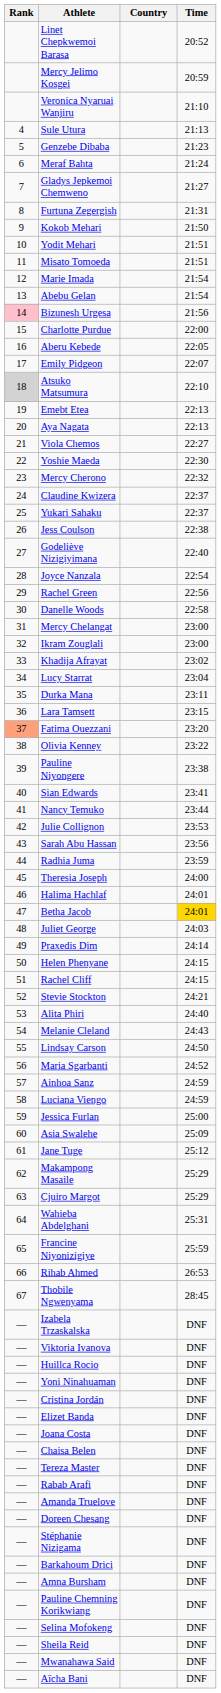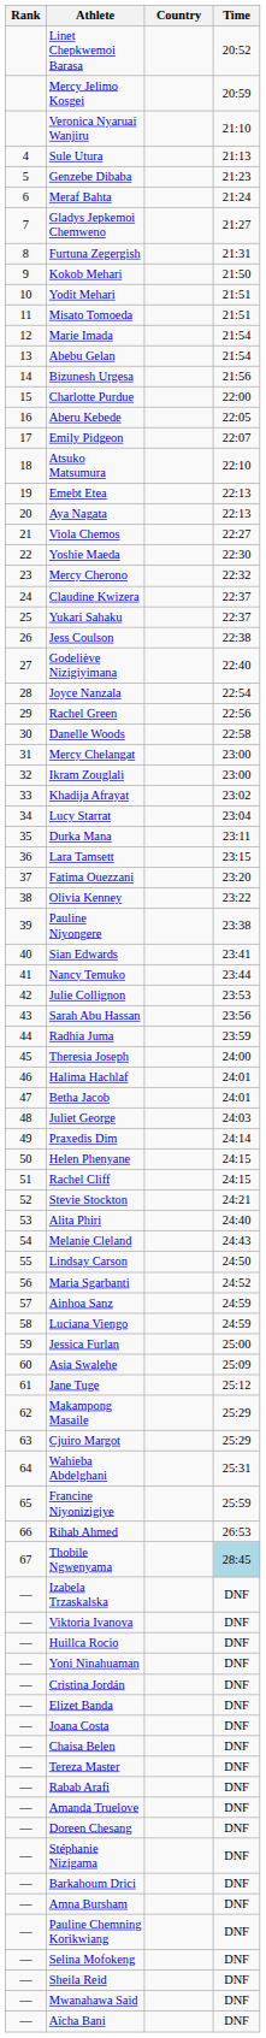 <table class="wikitable sortable" style=" text-align:center; font-size:95%;" width="50%">
 <tr>
 <th width=5%>Rank</th>
 <th width=20%>Athlete</th>
 <th width=15%>Country</th>
 <th width=10%>Time</th>
 </tr>
 <tr>
 <td align=center></td>
 <td align=left><a href='#'>Linet Chepkwemoi Barasa</a></td>
 <td align=left></td>
 <td>20:52</td>
 </tr>
 <tr>
 <td align=center></td>
 <td align=left><a href='#'>Mercy Jelimo Kosgei</a></td>
 <td align=left></td>
 <td>20:59</td>
 </tr>
 <tr>
 <td align=center></td>
 <td align=left><a href='#'>Veronica Nyaruai Wanjiru</a></td>
 <td align=left></td>
 <td>21:10</td>
 </tr>
 <tr>
 <td align=center>4</td>
 <td align=left><a href='#'>Sule Utura</a></td>
 <td align=left></td>
 <td>21:13</td>
 </tr>
 <tr>
 <td align=center>5</td>
 <td align=left><a href='#'>Genzebe Dibaba</a></td>
 <td align=left></td>
 <td>21:23</td>
 </tr>
 <tr>
 <td align=center>6</td>
 <td align=left><a href='#'>Meraf Bahta</a></td>
 <td align=left></td>
 <td>21:24</td>
 </tr>
 <tr>
 <td align=center>7</td>
 <td align=left><a href='#'>Gladys Jepkemoi Chemweno</a></td>
 <td align=left></td>
 <td>21:27</td>
 </tr>
 <tr>
 <td align=center>8</td>
 <td align=left><a href='#'>Furtuna Zegergish</a></td>
 <td align=left></td>
 <td>21:31</td>
 </tr>
 <tr>
 <td align=center>9</td>
 <td align=left><a href='#'>Kokob Mehari</a></td>
 <td align=left></td>
 <td>21:50</td>
 </tr>
 <tr>
 <td align=center>10</td>
 <td align=left><a href='#'>Yodit Mehari</a></td>
 <td align=left></td>
 <td>21:51</td>
 </tr>
 <tr>
 <td align=center>11</td>
 <td align=left><a href='#'>Misato Tomoeda</a></td>
 <td align=left></td>
 <td>21:51</td>
 </tr>
 <tr>
 <td align=center>12</td>
 <td align=left><a href='#'>Marie Imada</a></td>
 <td align=left></td>
 <td>21:54</td>
 </tr>
 <tr>
 <td align=center>13</td>
 <td align=left><a href='#'>Abebu Gelan</a></td>
 <td align=left></td>
 <td>21:54</td>
 </tr>
 <tr>
-<td align=center style="background: pink;">14</td>
+<td align=center>14</td>
 <td align=left><a href='#'>Bizunesh Urgesa</a></td>
 <td align=left></td>
 <td>21:56</td>
 </tr>
 <tr>
 <td align=center>15</td>
 <td align=left><a href='#'>Charlotte Purdue</a></td>
 <td align=left></td>
 <td>22:00</td>
 </tr>
 <tr>
 <td align=center>16</td>
 <td align=left><a href='#'>Aberu Kebede</a></td>
 <td align=left></td>
 <td>22:05</td>
 </tr>
 <tr>
 <td align=center>17</td>
 <td align=left><a href='#'>Emily Pidgeon</a></td>
 <td align=left></td>
 <td>22:07</td>
 </tr>
 <tr>
-<td align=center style="background: lightgrey;">18</td>
+<td align=center>18</td>
 <td align=left><a href='#'>Atsuko Matsumura</a></td>
 <td align=left></td>
 <td>22:10</td>
 </tr>
 <tr>
 <td align=center>19</td>
 <td align=left><a href='#'>Emebt Etea</a></td>
 <td align=left></td>
 <td>22:13</td>
 </tr>
 <tr>
 <td align=center>20</td>
 <td align=left><a href='#'>Aya Nagata</a></td>
 <td align=left></td>
 <td>22:13</td>
 </tr>
 <tr>
 <td align=center>21</td>
 <td align=left><a href='#'>Viola Chemos</a></td>
 <td align=left></td>
 <td>22:27</td>
 </tr>
 <tr>
 <td align=center>22</td>
 <td align=left><a href='#'>Yoshie Maeda</a></td>
 <td align=left></td>
 <td>22:30</td>
 </tr>
 <tr>
 <td align=center>23</td>
 <td align=left><a href='#'>Mercy Cherono</a></td>
 <td align=left></td>
 <td>22:32</td>
 </tr>
 <tr>
 <td align=center>24</td>
 <td align=left><a href='#'>Claudine Kwizera</a></td>
 <td align=left></td>
 <td>22:37</td>
 </tr>
 <tr>
 <td align=center>25</td>
 <td align=left><a href='#'>Yukari Sahaku</a></td>
 <td align=left></td>
 <td>22:37</td>
 </tr>
 <tr>
 <td align=center>26</td>
 <td align=left><a href='#'>Jess Coulson</a></td>
 <td align=left></td>
 <td>22:38</td>
 </tr>
 <tr>
 <td align=center>27</td>
 <td align=left><a href='#'>Godeliève Nizigiyimana</a></td>
 <td align=left></td>
 <td>22:40</td>
 </tr>
 <tr>
 <td align=center>28</td>
 <td align=left><a href='#'>Joyce Nanzala</a></td>
 <td align=left></td>
 <td>22:54</td>
 </tr>
 <tr>
 <td align=center>29</td>
 <td align=left><a href='#'>Rachel Green</a></td>
 <td align=left></td>
 <td>22:56</td>
 </tr>
 <tr>
 <td align=center>30</td>
 <td align=left><a href='#'>Danelle Woods</a></td>
 <td align=left></td>
 <td>22:58</td>
 </tr>
 <tr>
 <td align=center>31</td>
 <td align=left><a href='#'>Mercy Chelangat</a></td>
 <td align=left></td>
 <td>23:00</td>
 </tr>
 <tr>
 <td align=center>32</td>
 <td align=left><a href='#'>Ikram Zouglali</a></td>
 <td align=left></td>
 <td>23:00</td>
 </tr>
 <tr>
 <td align=center>33</td>
 <td align=left><a href='#'>Khadija Afrayat</a></td>
 <td align=left></td>
 <td>23:02</td>
 </tr>
 <tr>
 <td align=center>34</td>
 <td align=left><a href='#'>Lucy Starrat</a></td>
 <td align=left></td>
 <td>23:04</td>
 </tr>
 <tr>
 <td align=center>35</td>
 <td align=left><a href='#'>Durka Mana</a></td>
 <td align=left></td>
 <td>23:11</td>
 </tr>
 <tr>
 <td align=center>36</td>
 <td align=left><a href='#'>Lara Tamsett</a></td>
 <td align=left></td>
 <td>23:15</td>
 </tr>
 <tr>
-<td align=center style="background: lightsalmon;">37</td>
+<td align=center>37</td>
 <td align=left><a href='#'>Fatima Ouezzani</a></td>
 <td align=left></td>
 <td>23:20</td>
 </tr>
 <tr>
 <td align=center>38</td>
 <td align=left><a href='#'>Olivia Kenney</a></td>
 <td align=left></td>
 <td>23:22</td>
 </tr>
 <tr>
 <td align=center>39</td>
 <td align=left><a href='#'>Pauline Niyongere</a></td>
 <td align=left></td>
 <td>23:38</td>
 </tr>
 <tr>
 <td align=center>40</td>
 <td align=left><a href='#'>Sian Edwards</a></td>
 <td align=left></td>
 <td>23:41</td>
 </tr>
 <tr>
 <td align=center>41</td>
 <td align=left><a href='#'>Nancy Temuko</a></td>
 <td align=left></td>
 <td>23:44</td>
 </tr>
 <tr>
 <td align=center>42</td>
 <td align=left><a href='#'>Julie Collignon</a></td>
 <td align=left></td>
 <td>23:53</td>
 </tr>
 <tr>
 <td align=center>43</td>
 <td align=left><a href='#'>Sarah Abu Hassan</a></td>
 <td align=left></td>
 <td>23:56</td>
 </tr>
 <tr>
 <td align=center>44</td>
 <td align=left><a href='#'>Radhia Juma</a></td>
 <td align=left></td>
 <td>23:59</td>
 </tr>
 <tr>
 <td align=center>45</td>
 <td align=left><a href='#'>Theresia Joseph</a></td>
 <td align=left></td>
 <td>24:00</td>
 </tr>
 <tr>
 <td align=center>46</td>
 <td align=left><a href='#'>Halima Hachlaf</a></td>
 <td align=left></td>
 <td>24:01</td>
 </tr>
 <tr>
 <td align=center>47</td>
 <td align=left><a href='#'>Betha Jacob</a></td>
 <td align=left></td>
-<td style="background: gold;">24:01</td>
+<td>24:01</td>
 </tr>
 <tr>
 <td align=center>48</td>
 <td align=left><a href='#'>Juliet George</a></td>
 <td align=left></td>
 <td>24:03</td>
 </tr>
 <tr>
 <td align=center>49</td>
 <td align=left><a href='#'>Praxedis Dim</a></td>
 <td align=left></td>
 <td>24:14</td>
 </tr>
 <tr>
 <td align=center>50</td>
 <td align=left><a href='#'>Helen Phenyane</a></td>
 <td align=left></td>
 <td>24:15</td>
 </tr>
 <tr>
 <td align=center>51</td>
 <td align=left><a href='#'>Rachel Cliff</a></td>
 <td align=left></td>
 <td>24:15</td>
 </tr>
 <tr>
 <td align=center>52</td>
 <td align=left><a href='#'>Stevie Stockton</a></td>
 <td align=left></td>
 <td>24:21</td>
 </tr>
 <tr>
 <td align=center>53</td>
 <td align=left><a href='#'>Alita Phiri</a></td>
 <td align=left></td>
 <td>24:40</td>
 </tr>
 <tr>
 <td align=center>54</td>
 <td align=left><a href='#'>Melanie Cleland</a></td>
 <td align=left></td>
 <td>24:43</td>
 </tr>
 <tr>
 <td align=center>55</td>
 <td align=left><a href='#'>Lindsay Carson</a></td>
 <td align=left></td>
 <td>24:50</td>
 </tr>
 <tr>
 <td align=center>56</td>
 <td align=left><a href='#'>Maria Sgarbanti</a></td>
 <td align=left></td>
 <td>24:52</td>
 </tr>
 <tr>
 <td align=center>57</td>
 <td align=left><a href='#'>Ainhoa Sanz</a></td>
 <td align=left></td>
 <td>24:59</td>
 </tr>
 <tr>
 <td align=center>58</td>
 <td align=left><a href='#'>Luciana Viengo</a></td>
 <td align=left></td>
 <td>24:59</td>
 </tr>
 <tr>
 <td align=center>59</td>
 <td align=left><a href='#'>Jessica Furlan</a></td>
 <td align=left></td>
 <td>25:00</td>
 </tr>
 <tr>
 <td align=center>60</td>
 <td align=left><a href='#'>Asia Swalehe</a></td>
 <td align=left></td>
 <td>25:09</td>
 </tr>
 <tr>
 <td align=center>61</td>
 <td align=left><a href='#'>Jane Tuge</a></td>
 <td align=left></td>
 <td>25:12</td>
 </tr>
 <tr>
 <td align=center>62</td>
 <td align=left><a href='#'>Makampong Masaile</a></td>
 <td align=left></td>
 <td>25:29</td>
 </tr>
 <tr>
 <td align=center>63</td>
 <td align=left><a href='#'>Cjuiro Margot</a></td>
 <td align=left></td>
 <td>25:29</td>
 </tr>
 <tr>
 <td align=center>64</td>
 <td align=left><a href='#'>Wahieba Abdelghani</a></td>
 <td align=left></td>
 <td>25:31</td>
 </tr>
 <tr>
 <td align=center>65</td>
 <td align=left><a href='#'>Francine Niyonizigiye</a></td>
 <td align=left></td>
 <td>25:59</td>
 </tr>
 <tr>
 <td align=center>66</td>
 <td align=left><a href='#'>Rihab Ahmed</a></td>
 <td align=left></td>
 <td>26:53</td>
 </tr>
 <tr>
 <td align=center>67</td>
 <td align=left><a href='#'>Thobile Ngwenyama</a></td>
 <td align=left></td>
-<td>28:45</td>
+<td style="background: lightblue;">28:45</td>
 </tr>
 <tr>
 <td align=center>—</td>
 <td align=left><a href='#'>Izabela Trzaskalska</a></td>
 <td align=left></td>
 <td>DNF</td>
 </tr>
 <tr>
 <td align=center>—</td>
 <td align=left><a href='#'>Viktoria Ivanova</a></td>
 <td align=left></td>
 <td>DNF</td>
 </tr>
 <tr>
 <td align=center>—</td>
 <td align=left><a href='#'>Huillca Rocio</a></td>
 <td align=left></td>
 <td>DNF</td>
 </tr>
 <tr>
 <td align=center>—</td>
 <td align=left><a href='#'>Yoni Ninahuaman</a></td>
 <td align=left></td>
 <td>DNF</td>
 </tr>
 <tr>
 <td align=center>—</td>
 <td align=left><a href='#'>Cristina Jordán</a></td>
 <td align=left></td>
 <td>DNF</td>
 </tr>
 <tr>
 <td align=center>—</td>
 <td align=left><a href='#'>Elizet Banda</a></td>
 <td align=left></td>
 <td>DNF</td>
 </tr>
 <tr>
 <td align=center>—</td>
 <td align=left><a href='#'>Joana Costa</a></td>
 <td align=left></td>
 <td>DNF</td>
 </tr>
 <tr>
 <td align=center>—</td>
 <td align=left><a href='#'>Chaisa Belen</a></td>
 <td align=left></td>
 <td>DNF</td>
 </tr>
 <tr>
 <td align=center>—</td>
 <td align=left><a href='#'>Tereza Master</a></td>
 <td align=left></td>
 <td>DNF</td>
 </tr>
 <tr>
 <td align=center>—</td>
 <td align=left><a href='#'>Rabab Arafi</a></td>
 <td align=left></td>
 <td>DNF</td>
 </tr>
 <tr>
 <td align=center>—</td>
 <td align=left><a href='#'>Amanda Truelove</a></td>
 <td align=left></td>
 <td>DNF</td>
 </tr>
 <tr>
 <td align=center>—</td>
 <td align=left><a href='#'>Doreen Chesang</a></td>
 <td align=left></td>
 <td>DNF</td>
 </tr>
 <tr>
 <td align=center>—</td>
 <td align=left><a href='#'>Stéphanie Nizigama</a></td>
 <td align=left></td>
 <td>DNF</td>
 </tr>
 <tr>
 <td align=center>—</td>
 <td align=left><a href='#'>Barkahoum Drici</a></td>
 <td align=left></td>
 <td>DNF</td>
 </tr>
 <tr>
 <td align=center>—</td>
 <td align=left><a href='#'>Amna Bursham</a></td>
 <td align=left></td>
 <td>DNF</td>
 </tr>
 <tr>
 <td align=center>—</td>
 <td align=left><a href='#'>Pauline Chemning Korikwiang</a></td>
 <td align=left></td>
 <td>DNF</td>
 </tr>
 <tr>
 <td align=center>—</td>
 <td align=left><a href='#'>Selina Mofokeng</a></td>
 <td align=left></td>
 <td>DNF</td>
 </tr>
 <tr>
 <td align=center>—</td>
 <td align=left><a href='#'>Sheila Reid</a></td>
 <td align=left></td>
 <td>DNF</td>
 </tr>
 <tr>
 <td align=center>—</td>
 <td align=left><a href='#'>Mwanahawa Said</a></td>
 <td align=left></td>
 <td>DNF</td>
 </tr>
 <tr>
 <td align=center>—</td>
 <td align=left><a href='#'>Aïcha Bani</a></td>
 <td align=left></td>
 <td>DNF</td>
 </tr>
 </table>
